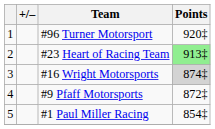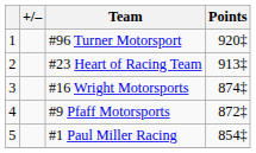 <table class="wikitable" style="font-size: 95%;">
 <tr>
 <th scope="col"></th>
 <th scope="col">+/–</th>
 <th scope="col">Team</th>
 <th scope="col">Points</th>
 </tr>
 <tr>
 <td align=center>1</td>
 <td align="left"></td>
 <td> #96 <a href='#'>Turner Motorsport</a></td>
 <td align=right>920‡</td>
 </tr>
 <tr>
 <td align=center>2</td>
 <td align="left"></td>
 <td> #23 <a href='#'>Heart of Racing Team</a></td>
-<td align=right style="background: lightgreen;">913‡</td>
+<td align=right>913‡</td>
 </tr>
 <tr>
 <td align=center>3</td>
 <td align="left"></td>
 <td> #16 <a href='#'>Wright Motorsports</a></td>
-<td align=right style="background: lightgrey;">874‡</td>
+<td align=right>874‡</td>
 </tr>
 <tr>
 <td align=center>4</td>
 <td align="left"></td>
 <td> #9 <a href='#'>Pfaff Motorsports</a></td>
 <td align=right>872‡</td>
 </tr>
 <tr>
 <td align=center>5</td>
 <td align="left"></td>
 <td> #1 <a href='#'>Paul Miller Racing</a></td>
 <td align=right>854‡</td>
 </tr>
 <tr>
 </tr>
 </table>
